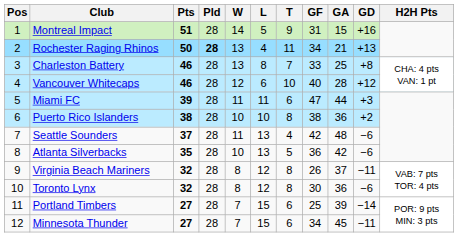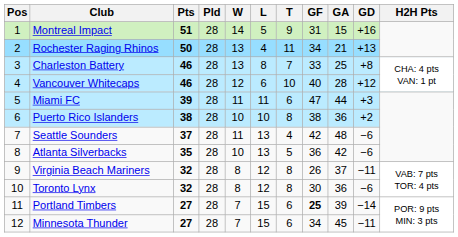 <table class="wikitable" style="text-align:center">
 <tr>
 <th width=30>Pos</th>
 <th width=200>Club</th>
 <th width=30>Pts</th>
 <th width=30>Pld</th>
 <th width=30>W</th>
 <th width=30>L</th>
 <th width=30>T</th>
 <th width=30>GF</th>
 <th width=30>GA</th>
 <th width=30>GD</th>
 <th width=100>H2H Pts</th>
 </tr>
 <tr style="background:#d0f0c0;">
 <td>1</td>
 <td align=left><a href='#'>Montreal Impact</a></td>
 <td><strong>51</strong></td>
 <td>28</td>
 <td>14</td>
 <td>5</td>
 <td>9</td>
 <td>31</td>
 <td>15</td>
 <td>+16</td>
 </tr>
 <tr style="background:#97deff;">
 <td>2</td>
 <td align=left><a href='#'>Rochester Raging Rhinos</a></td>
 <td><strong>50</strong></td>
-<td><strong>28</strong></td>
+<td>28</td>
 <td>13</td>
 <td>4</td>
 <td>11</td>
 <td>34</td>
 <td>21</td>
 <td>+13</td>
 </tr>
 <tr style="background:#bbebff;">
 <td>3</td>
 <td align=left><a href='#'>Charleston Battery</a></td>
 <td><strong>46</strong></td>
 <td>28</td>
 <td>13</td>
 <td>8</td>
 <td>7</td>
 <td>33</td>
 <td>25</td>
 <td>+8</td>
 <td rowspan="2" style="background:#fff;"><small>CHA: 4 pts<br>VAN: 1 pt</small></td>
 </tr>
 <tr style="background:#bbebff;">
 <td>4</td>
 <td align=left><a href='#'>Vancouver Whitecaps</a></td>
 <td><strong>46</strong></td>
 <td>28</td>
 <td>12</td>
 <td>6</td>
 <td>10</td>
 <td>40</td>
 <td>28</td>
 <td>+12</td>
 </tr>
 <tr style="background:#bbebff;">
 <td>5</td>
 <td align=left><a href='#'>Miami FC</a></td>
 <td><strong>39</strong></td>
 <td>28</td>
 <td>11</td>
 <td>11</td>
 <td>6</td>
 <td>47</td>
 <td>44</td>
 <td>+3</td>
 </tr>
 <tr style="background:#bbebff;">
 <td>6</td>
 <td align=left><a href='#'>Puerto Rico Islanders</a></td>
 <td><strong>38</strong></td>
 <td>28</td>
 <td>10</td>
 <td>10</td>
 <td>8</td>
 <td>38</td>
 <td>36</td>
 <td>+2</td>
 </tr>
 <tr>
 <td>7</td>
 <td align=left><a href='#'>Seattle Sounders</a></td>
 <td><strong>37</strong></td>
 <td>28</td>
 <td>11</td>
 <td>13</td>
 <td>4</td>
 <td>42</td>
 <td>48</td>
 <td>−6</td>
 </tr>
 <tr>
 <td>8</td>
 <td align=left><a href='#'>Atlanta Silverbacks</a></td>
 <td><strong>35</strong></td>
 <td>28</td>
 <td>10</td>
 <td>13</td>
 <td>5</td>
 <td>36</td>
 <td>42</td>
 <td>−6</td>
 </tr>
 <tr>
 <td>9</td>
 <td align=left><a href='#'>Virginia Beach Mariners</a></td>
 <td><strong>32</strong></td>
 <td>28</td>
 <td>8</td>
 <td>12</td>
 <td>8</td>
 <td>26</td>
 <td>37</td>
 <td>−11</td>
 <td rowspan="2" style="background:#fff;"><small>VAB: 7 pts<br>TOR: 4 pts</small></td>
 </tr>
 <tr>
 <td>10</td>
 <td align=left><a href='#'>Toronto Lynx</a></td>
 <td><strong>32</strong></td>
 <td>28</td>
 <td>8</td>
 <td>12</td>
 <td>8</td>
 <td>30</td>
 <td>36</td>
 <td>−6</td>
 </tr>
 <tr>
 <td>11</td>
 <td align=left><a href='#'>Portland Timbers</a></td>
 <td><strong>27</strong></td>
 <td>28</td>
 <td>7</td>
 <td>15</td>
 <td>6</td>
-<td>25</td>
+<td><strong>25</strong></td>
 <td>39</td>
 <td>−14</td>
 <td rowspan="2" style="background:#fff;"><small>POR: 9 pts<br>MIN: 3 pts</small></td>
 </tr>
 <tr>
 <td>12</td>
 <td align=left><a href='#'>Minnesota Thunder</a></td>
 <td><strong>27</strong></td>
 <td>28</td>
 <td>7</td>
 <td>15</td>
 <td>6</td>
 <td>34</td>
 <td>45</td>
 <td>−11</td>
 </tr>
 </table>
